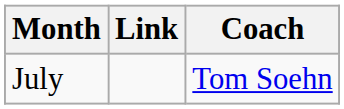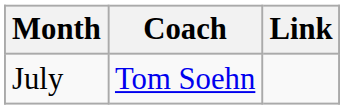 <table class=wikitable style="display:inline-table;">
 <tr>
 <th>Month</th>
+<th>Coach</th>
 <th>Link</th>
-<th>Coach</th>
 </tr>
 <tr>
 <td>July</td>
+<td> <a href='#'>Tom Soehn</a></td>
 <td></td>
-<td> <a href='#'>Tom Soehn</a></td>
 </tr>
 </table>
